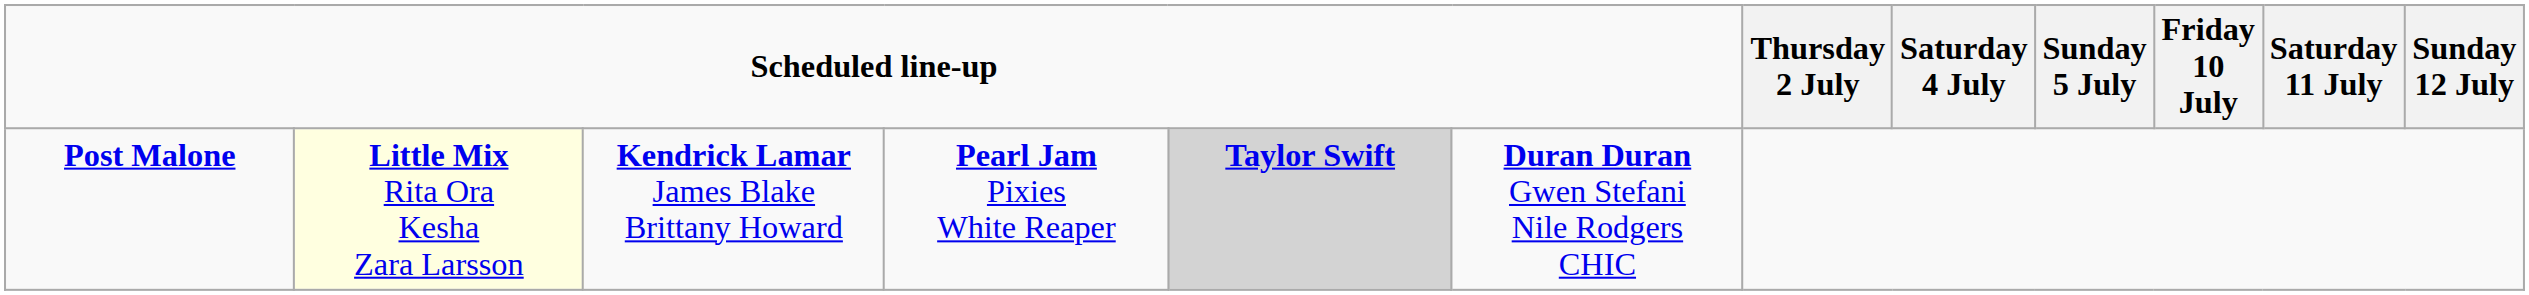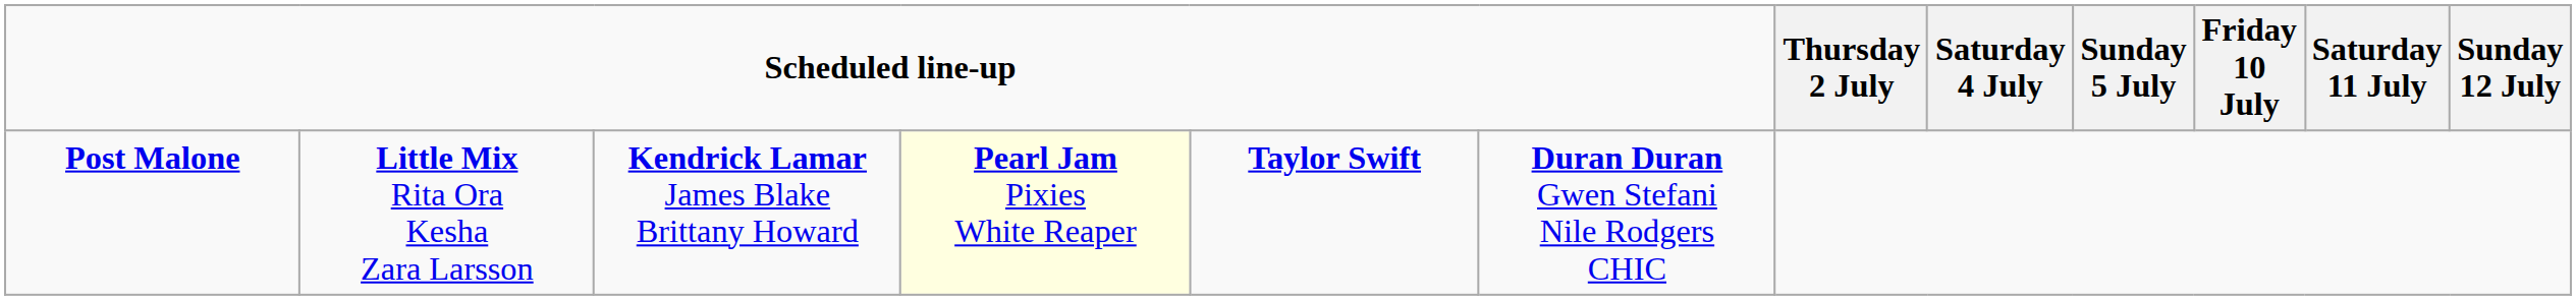 <table class="wikitable">
 <tr>
 <td colspan="6" style="text-align:center;"><strong>Scheduled line-up</strong></td>
 <th>Thursday 2 July</th>
 <th>Saturday 4 July</th>
 <th>Sunday 5 July</th>
 <th>Friday 10 July</th>
 <th>Saturday 11 July</th>
 <th>Sunday 12 July</th>
 </tr>
 <tr>
 <td style="text-align:center; vertical-align:top; width:200px;"><strong><a href='#'>Post Malone</a></strong></td>
-<td style="background: lightyellow; text-align:center; vertical-align:top; width:200px;"><strong><a href='#'>Little Mix</a></strong><br><a href='#'>Rita Ora</a><br><a href='#'>Kesha</a><br><a href='#'>Zara Larsson</a></td>
+<td style="text-align:center; vertical-align:top; width:200px;"><strong><a href='#'>Little Mix</a></strong><br><a href='#'>Rita Ora</a><br><a href='#'>Kesha</a><br><a href='#'>Zara Larsson</a></td>
 <td style="text-align:center; vertical-align:top; width:200px;"><strong><a href='#'>Kendrick Lamar</a></strong><br><a href='#'>James Blake</a><br><a href='#'>Brittany Howard</a></td>
-<td style="text-align:center; vertical-align:top; width:200px;"><strong><a href='#'>Pearl Jam</a></strong><br><a href='#'>Pixies</a><br><a href='#'>White Reaper</a></td>
-<td style="background: lightgrey; text-align:center; vertical-align:top; width:200px;"><strong><a href='#'>Taylor Swift</a></strong></td>
+<td style="background: lightyellow; text-align:center; vertical-align:top; width:200px;"><strong><a href='#'>Pearl Jam</a></strong><br><a href='#'>Pixies</a><br><a href='#'>White Reaper</a></td>
+<td style="text-align:center; vertical-align:top; width:200px;"><strong><a href='#'>Taylor Swift</a></strong></td>
 <td style="text-align:center; vertical-align:top; width:200px;"><strong><a href='#'>Duran Duran</a></strong><br><a href='#'>Gwen Stefani</a><br><a href='#'>Nile Rodgers</a><br><a href='#'>CHIC</a></td>
 </tr>
 </table>
